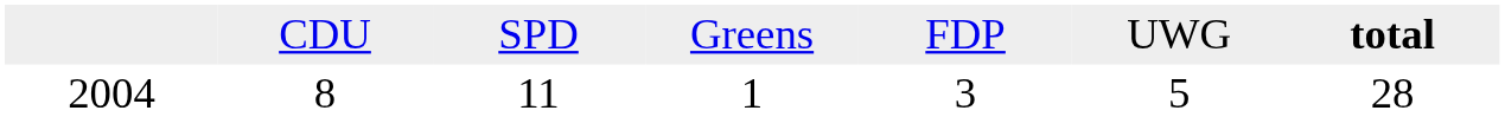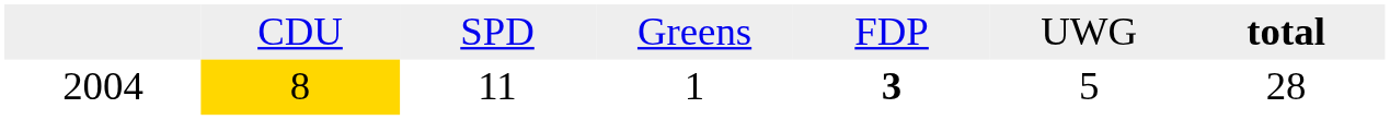 <table border="0" cellpadding="2" cellspacing="0">
 <tr bgcolor="#eeeeee" align="center">
 <td width = "9%"></td>
 <td width = "9%"><a href='#'>CDU</a></td>
 <td width = "9%"><a href='#'>SPD</a></td>
 <td width = "9%"><a href='#'>Greens</a></td>
 <td width = "9%"><a href='#'>FDP</a></td>
 <td width = "9%">UWG</td>
 <td width = "9%"><strong>total</strong></td>
 </tr>
 <tr align="center">
 <td>2004</td>
-<td>8</td>
+<td style="background: gold;">8</td>
 <td>11</td>
 <td>1</td>
-<td>3</td>
+<td><strong>3</strong></td>
 <td>5</td>
 <td>28</td>
 </tr>
 </table>
